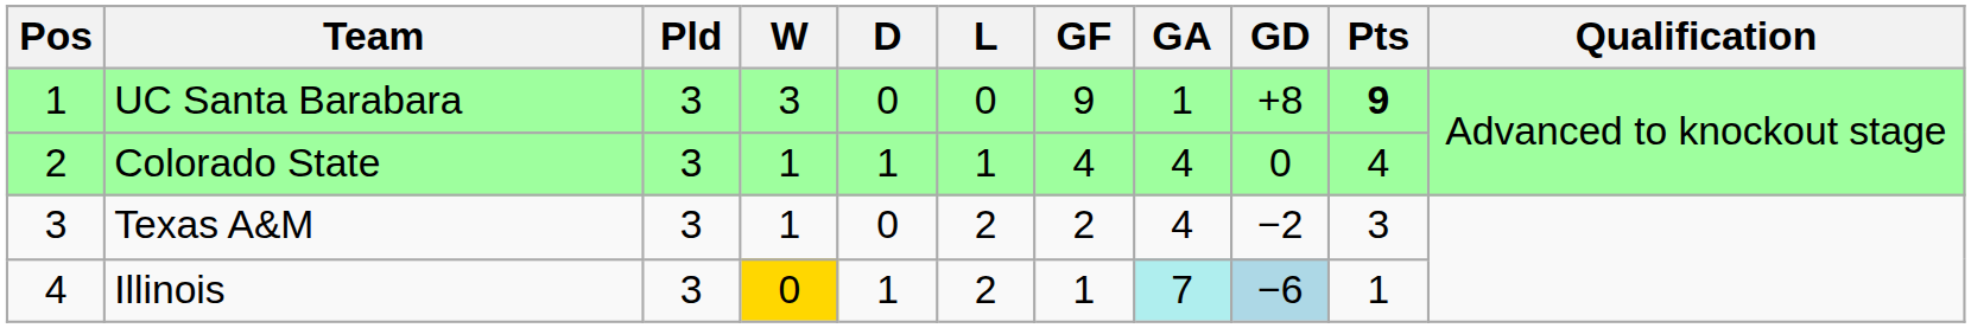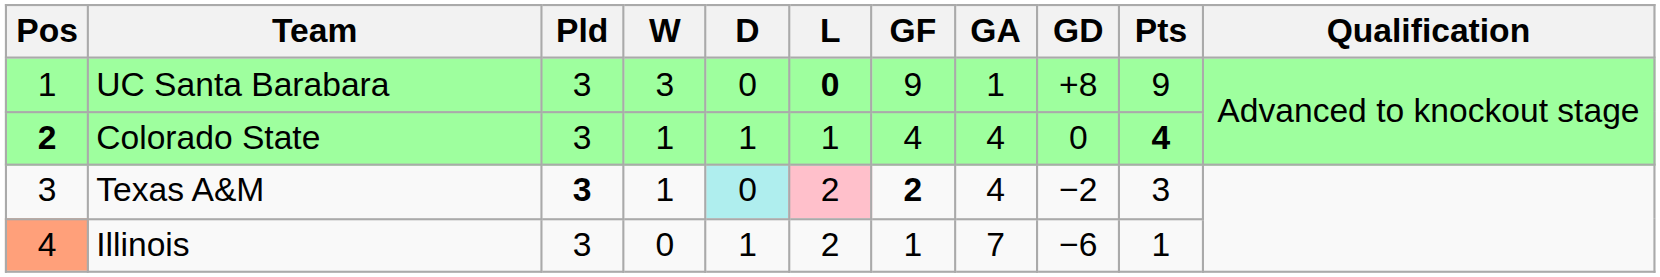 <table class="wikitable" style="text-align:center; margin: 1em auto">
 <tr>
 <th style="width:2em">Pos</th>
 <th style="width:13em">Team</th>
 <th style="width:2em">Pld</th>
 <th style="width:2em">W</th>
 <th style="width:2em">D</th>
 <th style="width:2em">L</th>
 <th style="width:2em">GF</th>
 <th style="width:2em">GA</th>
 <th style="width:2em">GD</th>
 <th style="width:2em">Pts</th>
 <th style="width:13em">Qualification</th>
 </tr>
 <tr bgcolor="#9eff9e">
 <td>1</td>
 <td style="text-align:left">UC Santa Barabara</td>
 <td>3</td>
 <td>3</td>
 <td>0</td>
-<td>0</td>
+<td><strong>0</strong></td>
 <td>9</td>
 <td>1</td>
 <td>+8</td>
-<td><strong>9</strong></td>
+<td>9</td>
 <td rowspan="2">Advanced to knockout stage</td>
 </tr>
 <tr bgcolor="#9eff9e">
-<td>2</td>
+<td><strong>2</strong></td>
 <td style="text-align:left">Colorado State</td>
 <td>3</td>
 <td>1</td>
 <td>1</td>
 <td>1</td>
 <td>4</td>
 <td>4</td>
 <td>0</td>
-<td>4</td>
+<td><strong>4</strong></td>
 </tr>
 <tr>
 <td>3</td>
 <td style="text-align:left">Texas A&M</td>
-<td>3</td>
+<td><strong>3</strong></td>
 <td>1</td>
-<td>0</td>
-<td>2</td>
-<td>2</td>
+<td style="background: paleturquoise;">0</td>
+<td style="background: pink;">2</td>
+<td><strong>2</strong></td>
 <td>4</td>
 <td>−2</td>
 <td>3</td>
 <td rowspan="2"></td>
 </tr>
 <tr>
-<td>4</td>
+<td style="background: lightsalmon;">4</td>
 <td style="text-align:left">Illinois</td>
 <td>3</td>
-<td style="background: gold;">0</td>
+<td>0</td>
 <td>1</td>
 <td>2</td>
 <td>1</td>
-<td style="background: paleturquoise;">7</td>
-<td style="background: lightblue;">−6</td>
+<td>7</td>
+<td>−6</td>
 <td>1</td>
 </tr>
 </table>
